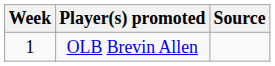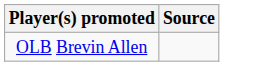 <table class="wikitable" style="text-align:center">
 <tr>
-<th>Week</th>
 <th>Player(s) promoted</th>
 <th>Source</th>
 </tr>
 <tr>
-<td>1</td>
 <td><a href='#'>OLB</a> <a href='#'>Brevin Allen</a></td>
 <td></td>
 </tr>
 </table>
